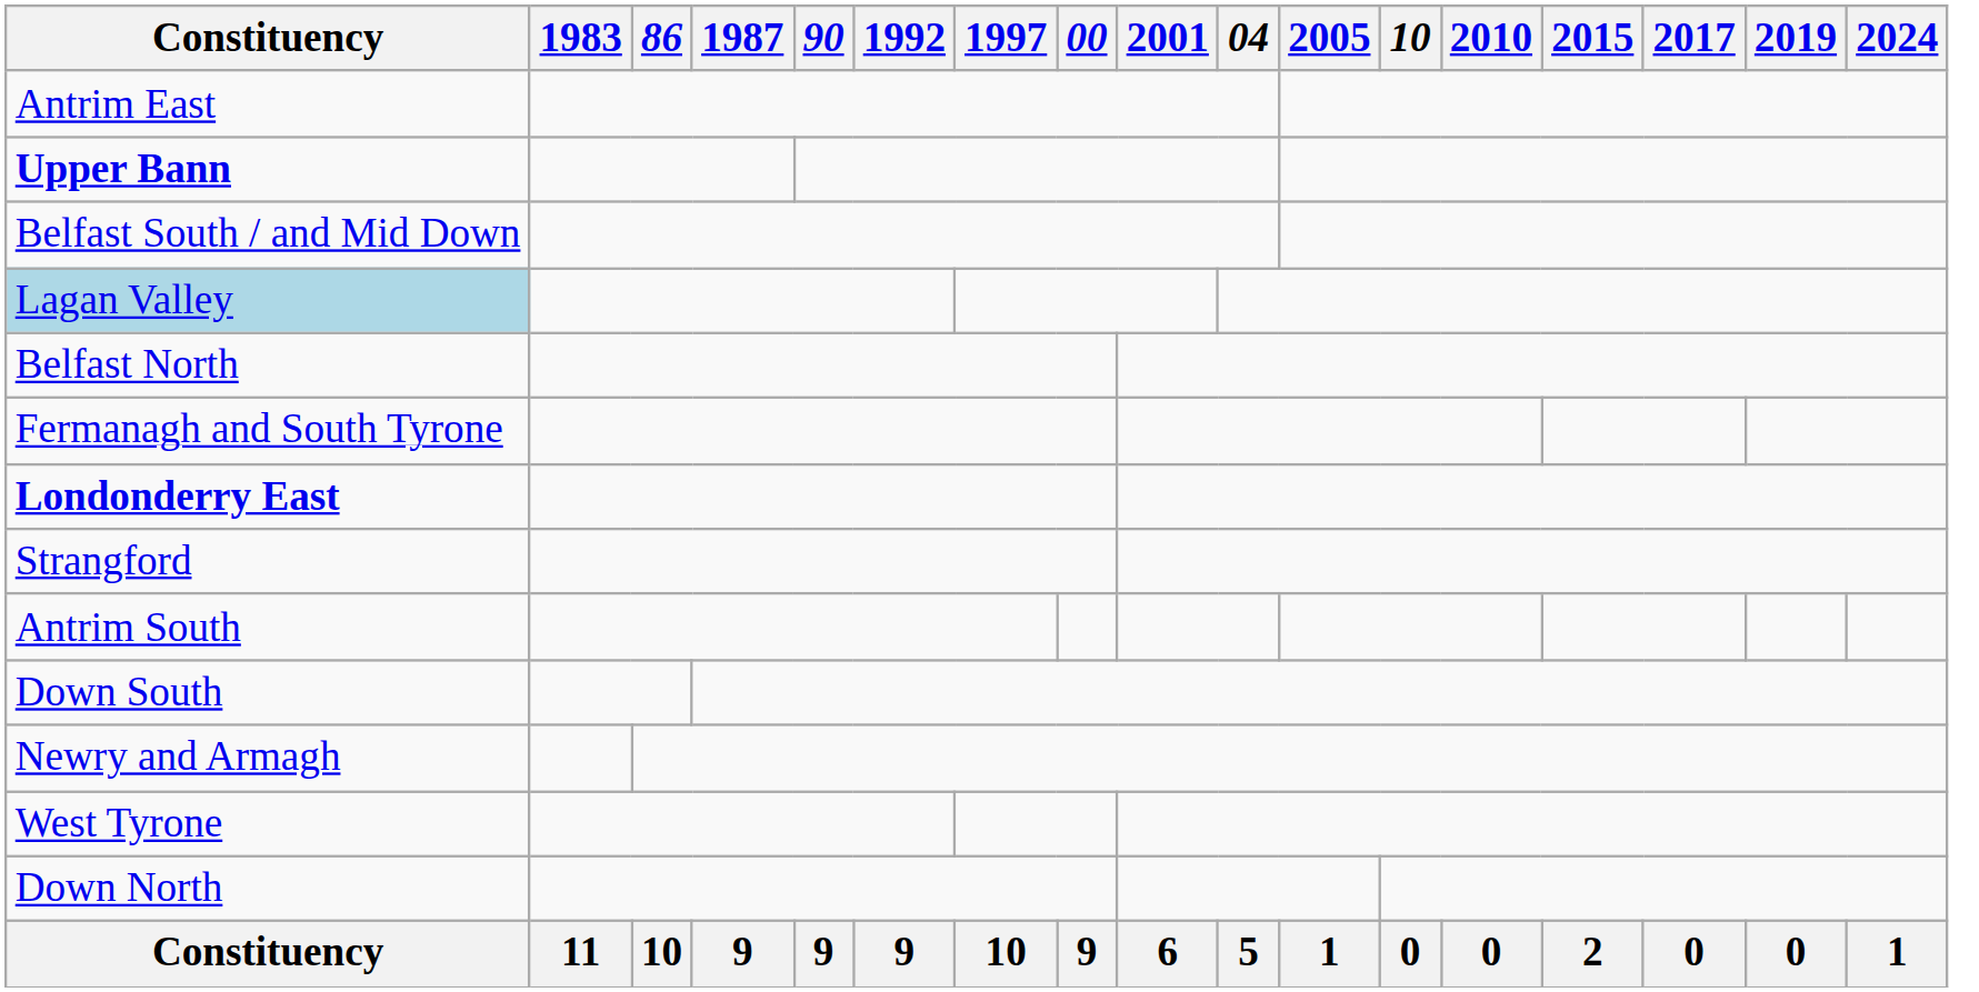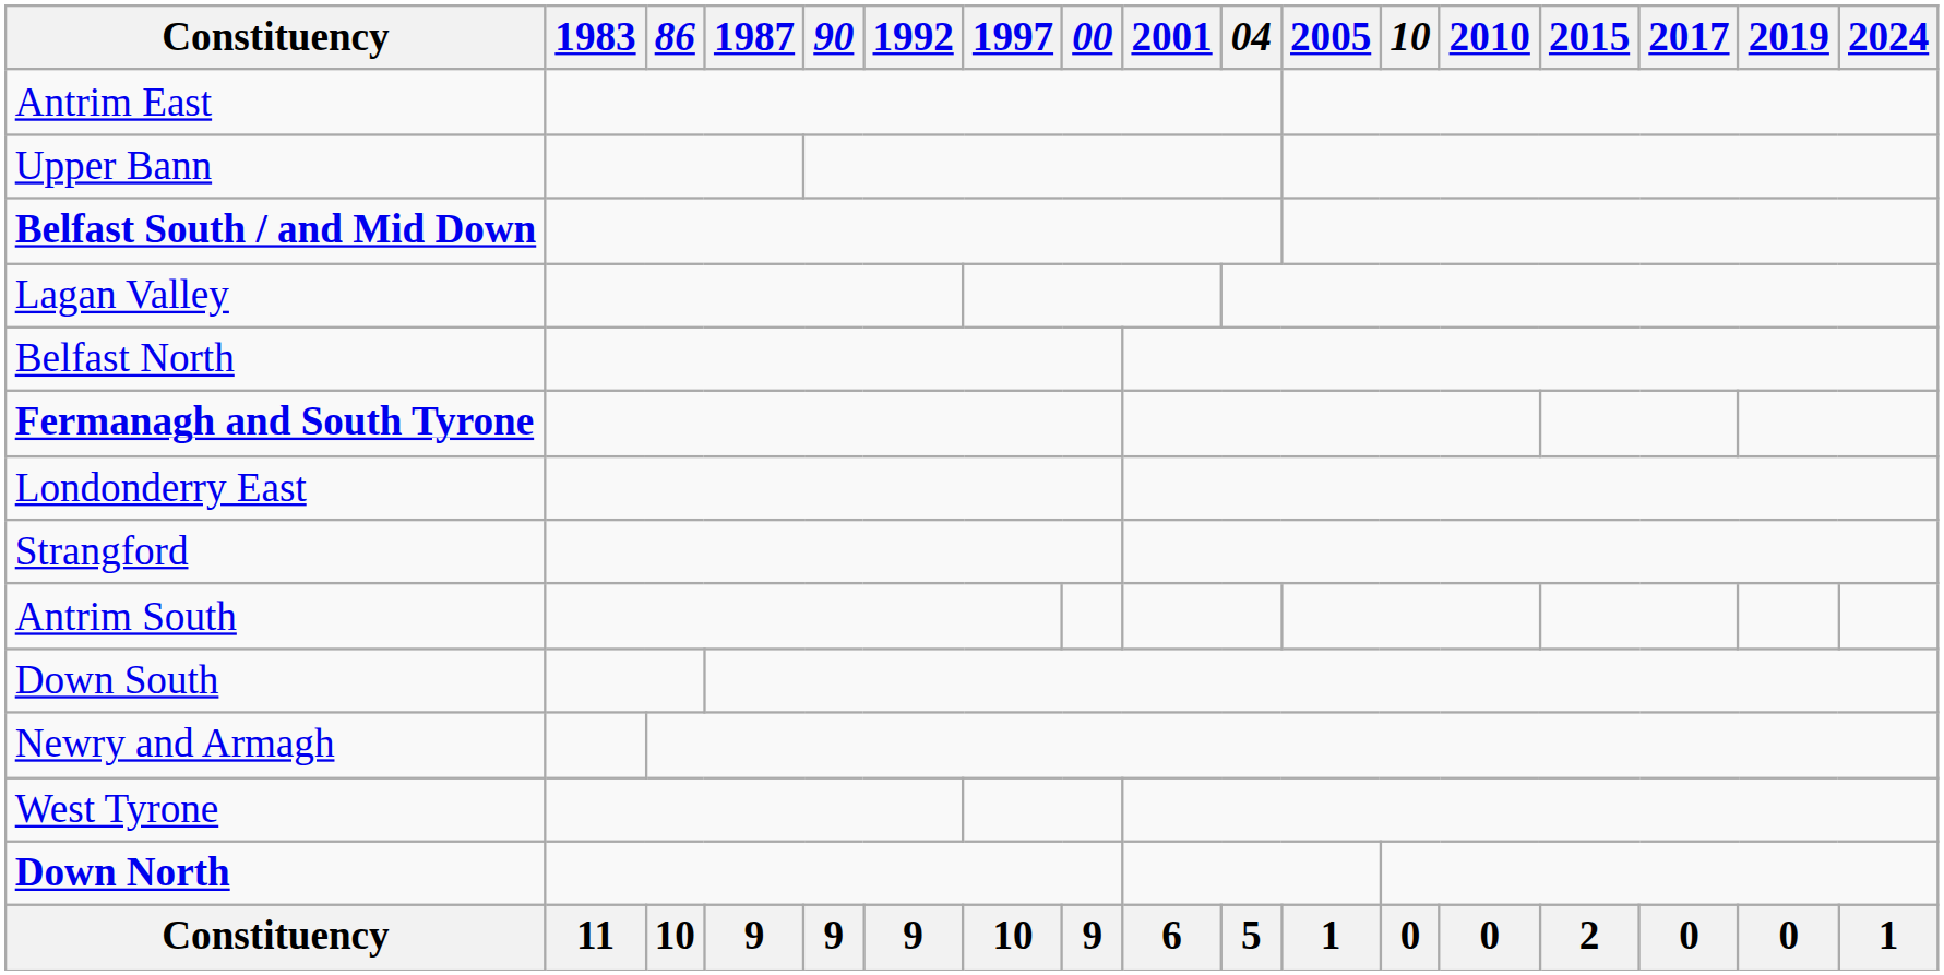 <table class="wikitable">
 <tr>
 <th>Constituency</th>
 <th><a href='#'>1983</a></th>
 <th><em><a href='#'>86</a></em></th>
 <th><a href='#'>1987</a></th>
 <th><em><a href='#'>90</a></em></th>
 <th><a href='#'>1992</a></th>
 <th><a href='#'>1997</a></th>
 <th><em><a href='#'>00</a></em></th>
 <th><a href='#'>2001</a></th>
 <th><em>04</em></th>
 <th><a href='#'>2005</a></th>
 <th><em>10</em></th>
 <th><a href='#'>2010</a></th>
 <th><a href='#'>2015</a></th>
 <th><a href='#'>2017</a></th>
 <th><a href='#'>2019</a></th>
 <th><a href='#'>2024</a></th>
 </tr>
 <tr>
 <td><a href='#'>Antrim East</a></td>
 <td colspan="9"><a href='#'></a></td>
 <td colspan="7"></td>
 </tr>
 <tr>
-<td><strong><a href='#'>Upper Bann</a></strong></td>
+<td><a href='#'>Upper Bann</a></td>
 <td colspan="3"><a href='#'></a></td>
 <td colspan="6"><a href='#'></a></td>
 <td colspan="7"></td>
 </tr>
 <tr>
-<td><a href='#'>Belfast South / and Mid Down</a></td>
+<td><strong><a href='#'>Belfast South / and Mid Down</a></strong></td>
 <td colspan="9"><a href='#'></a></td>
 <td colspan="7"></td>
 </tr>
 <tr>
-<td style="background: lightblue;"><a href='#'>Lagan Valley</a></td>
+<td><a href='#'>Lagan Valley</a></td>
 <td colspan="5"><a href='#'></a></td>
 <td colspan="3"><a href='#'></a></td>
 <td colspan="8"></td>
 </tr>
 <tr>
 <td><a href='#'>Belfast North</a></td>
 <td colspan="7"><a href='#'></a></td>
 <td colspan="9"></td>
 </tr>
 <tr>
-<td><a href='#'>Fermanagh and South Tyrone</a></td>
+<td><strong><a href='#'>Fermanagh and South Tyrone</a></strong></td>
 <td colspan="7"><a href='#'></a></td>
 <td colspan="5"></td>
 <td colspan="2"><a href='#'></a></td>
 </tr>
 <tr>
-<td><strong><a href='#'>Londonderry East</a></strong></td>
+<td><a href='#'>Londonderry East</a></td>
 <td colspan="7"><a href='#'></a></td>
 <td colspan="9"></td>
 </tr>
 <tr>
 <td><a href='#'>Strangford</a></td>
 <td colspan="7"><a href='#'></a></td>
 <td colspan="9"></td>
 </tr>
 <tr>
 <td><a href='#'>Antrim South</a></td>
 <td colspan="6"><a href='#'></a></td>
 <td></td>
 <td colspan="2"><a href='#'></a></td>
 <td colspan="3"></td>
 <td colspan="2"><a href='#'></a></td>
 <td></td>
 <td colspan="1"><a href='#'></a></td>
 </tr>
 <tr>
 <td><a href='#'>Down South</a></td>
 <td colspan="2"><a href='#'></a></td>
 <td colspan="14"></td>
 </tr>
 <tr>
 <td><a href='#'>Newry and Armagh</a></td>
 <td><a href='#'></a></td>
 <td colspan="15"></td>
 </tr>
 <tr>
 <td><a href='#'>West Tyrone</a></td>
 <td colspan="5"></td>
 <td colspan="2"><a href='#'></a></td>
 <td colspan="9"></td>
 </tr>
 <tr>
-<td><a href='#'>Down North</a></td>
+<td><strong><a href='#'>Down North</a></strong></td>
 <td colspan="7"></td>
 <td colspan="3"><a href='#'></a></td>
 <td colspan="6"></td>
 </tr>
 <tr>
 <th>Constituency</th>
 <th>11</th>
 <th>10</th>
 <th>9</th>
 <th>9</th>
 <th>9</th>
 <th>10</th>
 <th>9</th>
 <th>6</th>
 <th>5</th>
 <th>1</th>
 <th>0</th>
 <th>0</th>
 <th>2</th>
 <th>0</th>
 <th>0</th>
 <th>1</th>
 </tr>
 </table>
